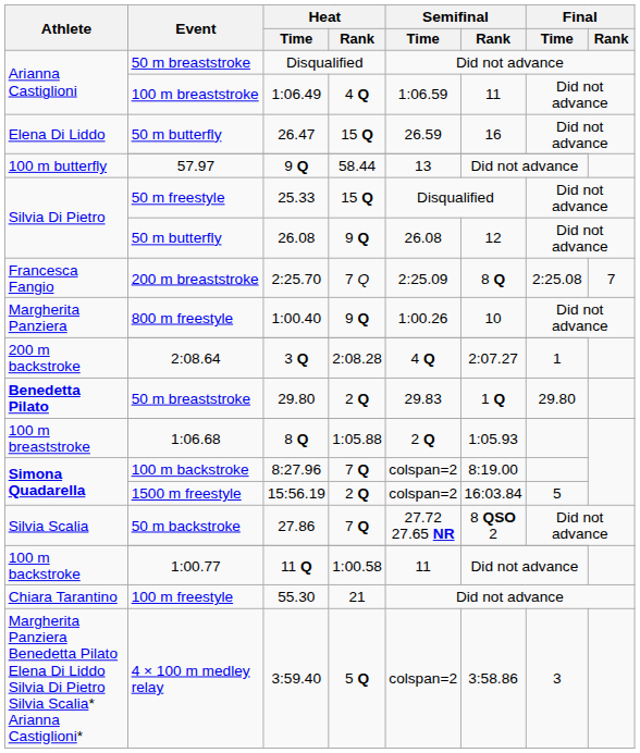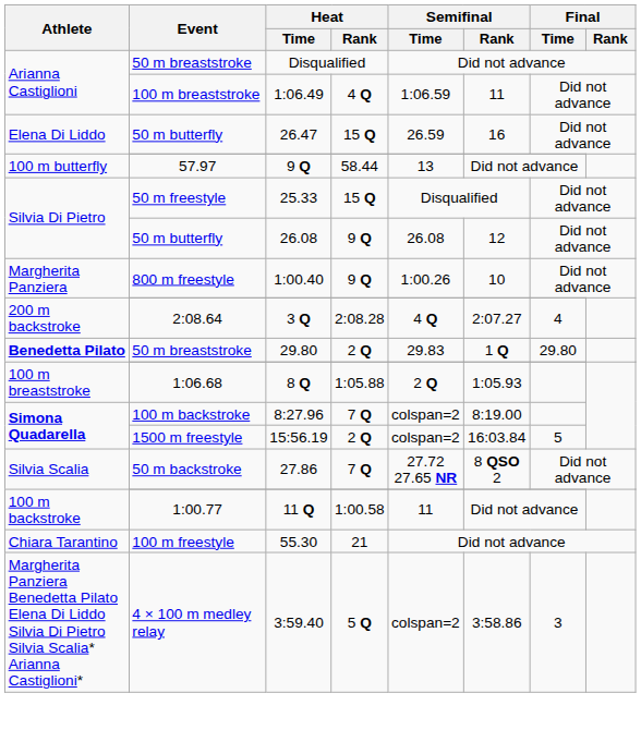 <table class=wikitable style="font-size:90%">
 <tr>
 <th rowspan="2">Athlete</th>
 <th rowspan="2">Event</th>
 <th colspan="2">Heat</th>
 <th colspan="2">Semifinal</th>
 <th colspan="2">Final</th>
 </tr>
 <tr style="font-size:95%">
 <th>Time</th>
 <th>Rank</th>
 <th>Time</th>
 <th>Rank</th>
 <th>Time</th>
 <th>Rank</th>
 </tr>
 <tr style="text-align:center">
 <td style="text-align:left" rowspan=2><a href='#'>Arianna Castiglioni</a></td>
 <td style="text-align:left"><a href='#'>50 m breaststroke</a></td>
 <td colspan=2>Disqualified</td>
 <td colspan=4>Did not advance</td>
 </tr>
 <tr style="text-align:center">
 <td style="text-align:left"><a href='#'>100 m breaststroke</a></td>
 <td>1:06.49</td>
 <td>4 <strong>Q</strong></td>
 <td>1:06.59</td>
 <td>11</td>
 <td colspan=2>Did not advance</td>
 </tr>
 <tr style="text-align:center">
 <td style="text-align:left" rowspan=2><a href='#'>Elena Di Liddo</a></td>
 <td style="text-align:left"><a href='#'>50 m butterfly</a></td>
 <td>26.47</td>
 <td>15 <strong>Q</strong></td>
 <td>26.59</td>
 <td>16</td>
 <td colspan=2>Did not advance</td>
 </tr>
 <tr>
 </tr>
 <tr style="text-align:center">
 <td style="text-align:left"><a href='#'>100 m butterfly</a></td>
 <td>57.97</td>
 <td>9 <strong>Q</strong></td>
 <td>58.44</td>
 <td>13</td>
 <td colspan=2>Did not advance</td>
 </tr>
 <tr style="text-align:center">
 <td style="text-align:left" rowspan=2><a href='#'>Silvia Di Pietro</a></td>
 <td style="text-align:left"><a href='#'>50 m freestyle</a></td>
 <td>25.33</td>
 <td>15 <strong>Q</strong></td>
 <td colspan=2>Disqualified</td>
 <td colspan=2>Did not advance</td>
 </tr>
 <tr style="text-align:center">
 <td style="text-align:left"><a href='#'>50 m butterfly</a></td>
 <td>26.08</td>
 <td>9 <strong>Q</strong></td>
 <td>26.08</td>
 <td>12</td>
 <td colspan=2>Did not advance</td>
 </tr>
 <tr style="text-align:center">
-<td style="text-align:left"><a href='#'>Francesca Fangio</a></td>
-<td style="text-align:left"><a href='#'>200 m breaststroke</a></td>
-<td>2:25.70</td>
-<td>7 <em>Q</em></td>
-<td>2:25.09</td>
-<td>8 <strong>Q</strong></td>
-<td>2:25.08</td>
-<td>7</td>
-</tr>
-<tr style="text-align:center">
 <td style="text-align:left" rowspan=2><a href='#'>Margherita Panziera</a></td>
 <td style="text-align:left"><a href='#'>800 m freestyle</a></td>
 <td>1:00.40</td>
 <td>9 <strong>Q</strong></td>
 <td>1:00.26</td>
 <td>10</td>
 <td colspan=2>Did not advance</td>
 </tr>
 <tr>
 </tr>
 <tr style="text-align:center">
 <td style="text-align:left"><a href='#'>200 m backstroke</a></td>
 <td>2:08.64</td>
 <td>3 <strong>Q</strong></td>
 <td>2:08.28</td>
 <td>4 <strong>Q</strong></td>
 <td>2:07.27</td>
-<td>1</td>
+<td>4</td>
 </tr>
 <tr style="text-align:center">
 <td style="text-align:left" rowspan=2><strong><a href='#'>Benedetta Pilato</a></strong></td>
 <td style="text-align:left"><a href='#'>50 m breaststroke</a></td>
 <td>29.80</td>
 <td>2 <strong>Q</strong></td>
 <td>29.83</td>
 <td>1 <strong>Q</strong></td>
 <td>29.80</td>
 <td></td>
 </tr>
 <tr>
 </tr>
 <tr style="text-align:center">
 <td style="text-align:left"><a href='#'>100 m breaststroke</a></td>
 <td>1:06.68</td>
 <td>8 <strong>Q</strong></td>
 <td>1:05.88</td>
 <td>2 <strong>Q</strong></td>
 <td>1:05.93</td>
 <td></td>
 </tr>
 <tr style="text-align:center">
 <td style="text-align:left" rowspan=2><strong><a href='#'>Simona Quadarella</a></strong></td>
 <td style="text-align:left"><a href='#'>100 m backstroke</a></td>
 <td>8:27.96</td>
 <td>7 <strong>Q</strong></td>
 <td>colspan=2 </td>
 <td>8:19.00</td>
 <td></td>
 </tr>
 <tr style="text-align:center">
 <td style="text-align:left"><a href='#'>1500 m freestyle</a></td>
 <td>15:56.19</td>
 <td>2 <strong>Q</strong></td>
 <td>colspan=2 </td>
 <td>16:03.84</td>
 <td>5</td>
 </tr>
 <tr style="text-align:center">
 <td style="text-align:left" rowspan=2><a href='#'>Silvia Scalia</a></td>
 <td style="text-align:left"><a href='#'>50 m backstroke</a></td>
 <td>27.86</td>
 <td>7 <strong>Q</strong></td>
 <td>27.72<br>27.65 <strong><a href='#'>NR</a></strong></td>
 <td>8 <strong>QSO</strong> <br>2</td>
 <td colspan=2>Did not advance</td>
 </tr>
 <tr>
 </tr>
 <tr style="text-align:center">
 <td style="text-align:left"><a href='#'>100 m backstroke</a></td>
 <td>1:00.77</td>
 <td>11 <strong>Q</strong></td>
 <td>1:00.58</td>
 <td>11</td>
 <td colspan=2>Did not advance</td>
 </tr>
 <tr style="text-align:center">
 <td style="text-align:left"><a href='#'>Chiara Tarantino</a></td>
 <td style="text-align:left"><a href='#'>100 m freestyle</a></td>
 <td>55.30</td>
 <td>21</td>
 <td colspan=4>Did not advance</td>
 </tr>
 <tr style="text-align:center">
 <td style="text-align:left"><a href='#'>Margherita Panziera</a> <br><a href='#'>Benedetta Pilato</a> <br><a href='#'>Elena Di Liddo</a> <br><a href='#'>Silvia Di Pietro</a><br> <a href='#'>Silvia Scalia</a>*<br><a href='#'>Arianna Castiglioni</a>*</td>
 <td style="text-align:left"><a href='#'>4 × 100 m medley relay</a></td>
 <td>3:59.40</td>
 <td>5 <strong>Q</strong></td>
 <td>colspan=2 </td>
 <td>3:58.86</td>
 <td>3</td>
 </tr>
 </table>
